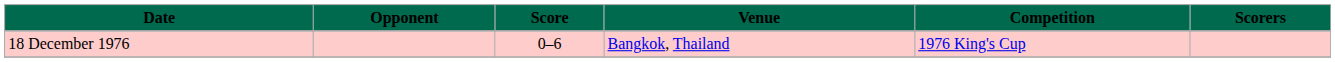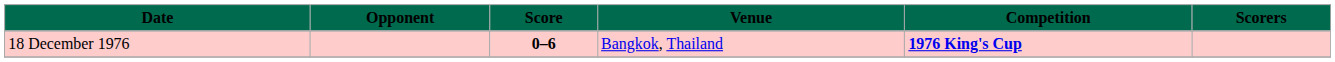 <table class="wikitable" width=100% style="text-align:left;font-size:95%;">
 <tr>
 <th style="background:#006a4e;"><span>Date</span></th>
 <th style="background:#006a4e;"><span>Opponent</span></th>
 <th style="background:#006a4e;"><span>Score</span></th>
 <th style="background:#006a4e;"><span>Venue</span></th>
 <th style="background:#006a4e;"><span>Competition</span></th>
 <th style="background:#006a4e;"><span>Scorers</span></th>
 </tr>
 <tr>
 </tr>
 <tr style="background:#fcc;">
 <td>18 December 1976</td>
 <td></td>
-<td style="text-align: center">0–6</td>
+<td style="text-align: center"><strong>0–6</strong></td>
 <td> <a href='#'>Bangkok</a>, <a href='#'>Thailand</a></td>
-<td><a href='#'>1976 King's Cup</a></td>
+<td><strong><a href='#'>1976 King's Cup</a></strong></td>
 <td></td>
 </tr>
 <tr>
 </tr>
 </table>
